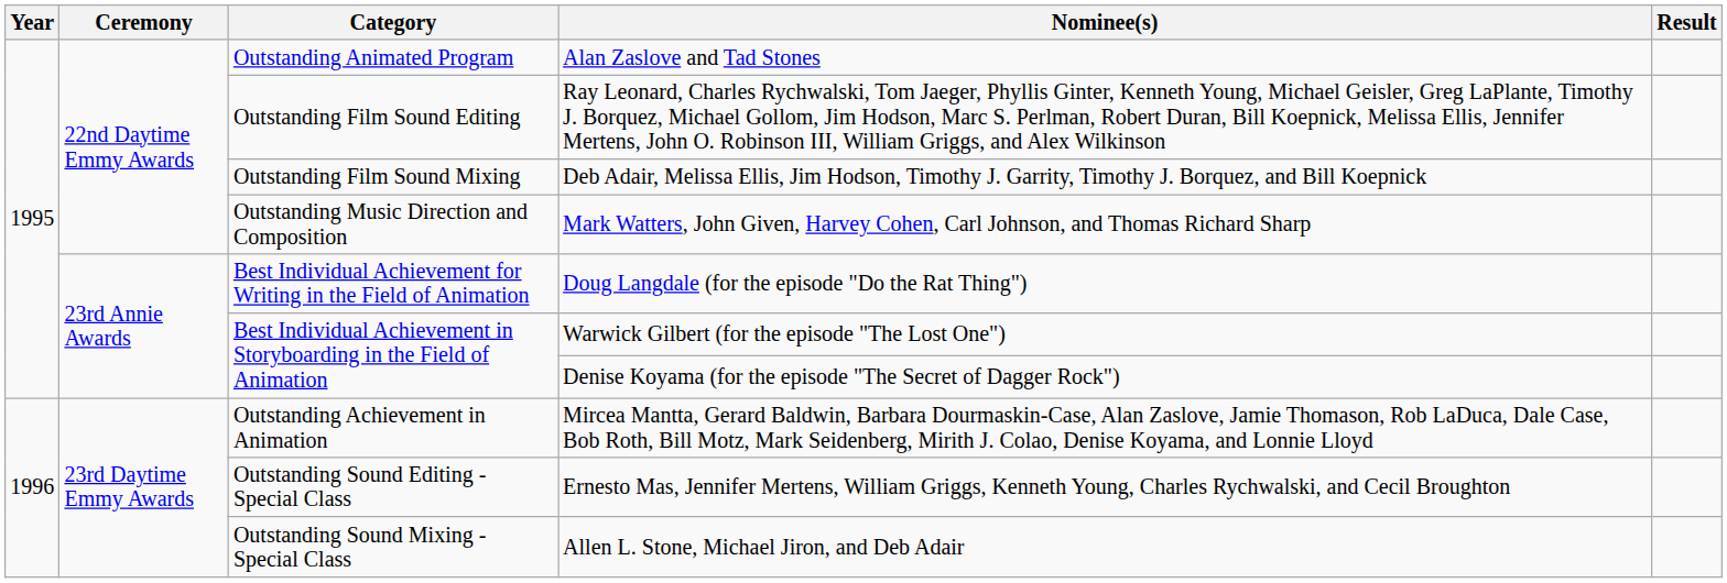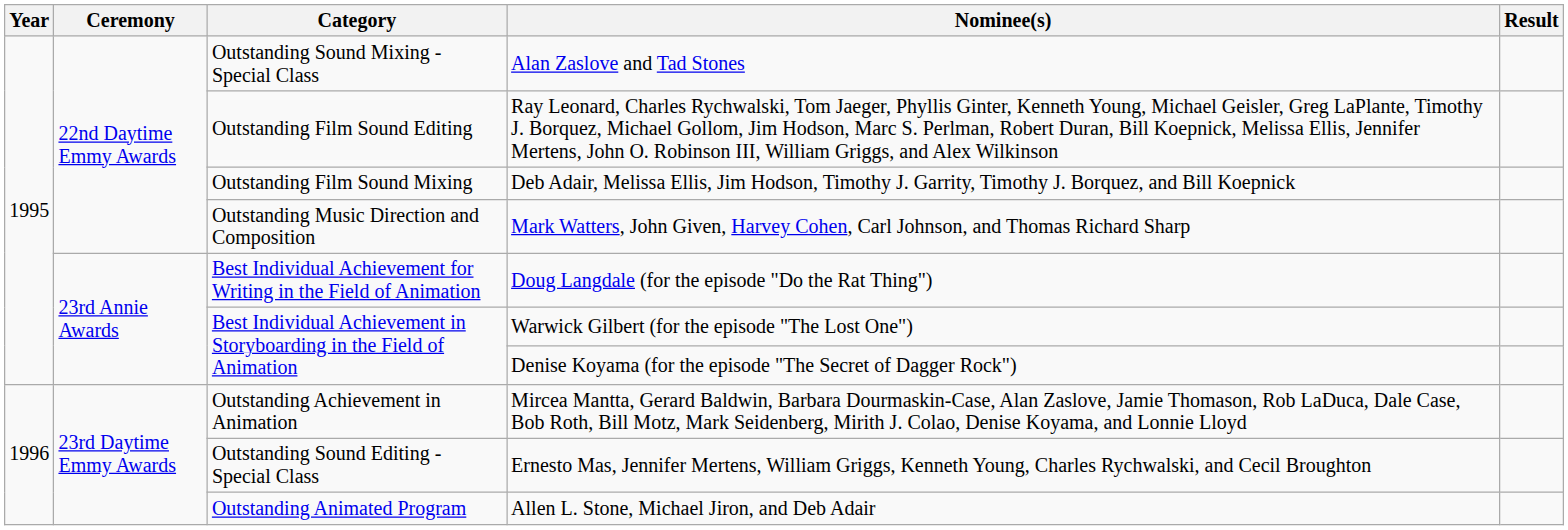 <table class="wikitable sortable">
 <tr>
 <th>Year</th>
 <th>Ceremony</th>
 <th>Category</th>
 <th>Nominee(s)</th>
 <th>Result</th>
 </tr>
 <tr>
 <td rowspan="7">1995</td>
 <td rowspan="4"><a href='#'>22nd Daytime Emmy Awards</a></td>
-<td><a href='#'>Outstanding Animated Program</a></td>
+<td>Outstanding Sound Mixing - Special Class</td>
 <td><a href='#'>Alan Zaslove</a> and <a href='#'>Tad Stones</a></td>
 <td></td>
 </tr>
 <tr>
 <td>Outstanding Film Sound Editing</td>
 <td>Ray Leonard, Charles Rychwalski, Tom Jaeger, Phyllis Ginter, Kenneth Young, Michael Geisler, Greg LaPlante, Timothy J. Borquez, Michael Gollom, Jim Hodson, Marc S. Perlman, Robert Duran, Bill Koepnick, Melissa Ellis, Jennifer Mertens, John O. Robinson III, William Griggs, and Alex Wilkinson</td>
 <td></td>
 </tr>
 <tr>
 <td>Outstanding Film Sound Mixing</td>
 <td>Deb Adair, Melissa Ellis, Jim Hodson, Timothy J. Garrity, Timothy J. Borquez, and Bill Koepnick</td>
 <td></td>
 </tr>
 <tr>
 <td>Outstanding Music Direction and Composition</td>
 <td><a href='#'>Mark Watters</a>, John Given, <a href='#'>Harvey Cohen</a>, Carl Johnson, and Thomas Richard Sharp</td>
 <td></td>
 </tr>
 <tr>
 <td rowspan="3"><a href='#'>23rd Annie Awards</a></td>
 <td><a href='#'>Best Individual Achievement for Writing in the Field of Animation</a></td>
 <td><a href='#'>Doug Langdale</a> (for the episode "Do the Rat Thing")</td>
 <td></td>
 </tr>
 <tr>
 <td rowspan="2"><a href='#'>Best Individual Achievement in Storyboarding in the Field of Animation</a></td>
 <td>Warwick Gilbert (for the episode "The Lost One")</td>
 <td></td>
 </tr>
 <tr>
 <td>Denise Koyama (for the episode "The Secret of Dagger Rock")</td>
 <td></td>
 </tr>
 <tr>
 <td rowspan="3">1996</td>
 <td rowspan="3"><a href='#'>23rd Daytime Emmy Awards</a></td>
 <td>Outstanding Achievement in Animation</td>
 <td>Mircea Mantta, Gerard Baldwin, Barbara Dourmaskin-Case, Alan Zaslove, Jamie Thomason, Rob LaDuca, Dale Case, Bob Roth, Bill Motz, Mark Seidenberg, Mirith J. Colao, Denise Koyama, and Lonnie Lloyd</td>
 <td></td>
 </tr>
 <tr>
 <td>Outstanding Sound Editing - Special Class</td>
 <td>Ernesto Mas, Jennifer Mertens, William Griggs, Kenneth Young, Charles Rychwalski, and Cecil Broughton</td>
 <td></td>
 </tr>
 <tr>
-<td>Outstanding Sound Mixing - Special Class</td>
+<td><a href='#'>Outstanding Animated Program</a></td>
 <td>Allen L. Stone, Michael Jiron, and Deb Adair</td>
 <td></td>
 </tr>
 </table>
